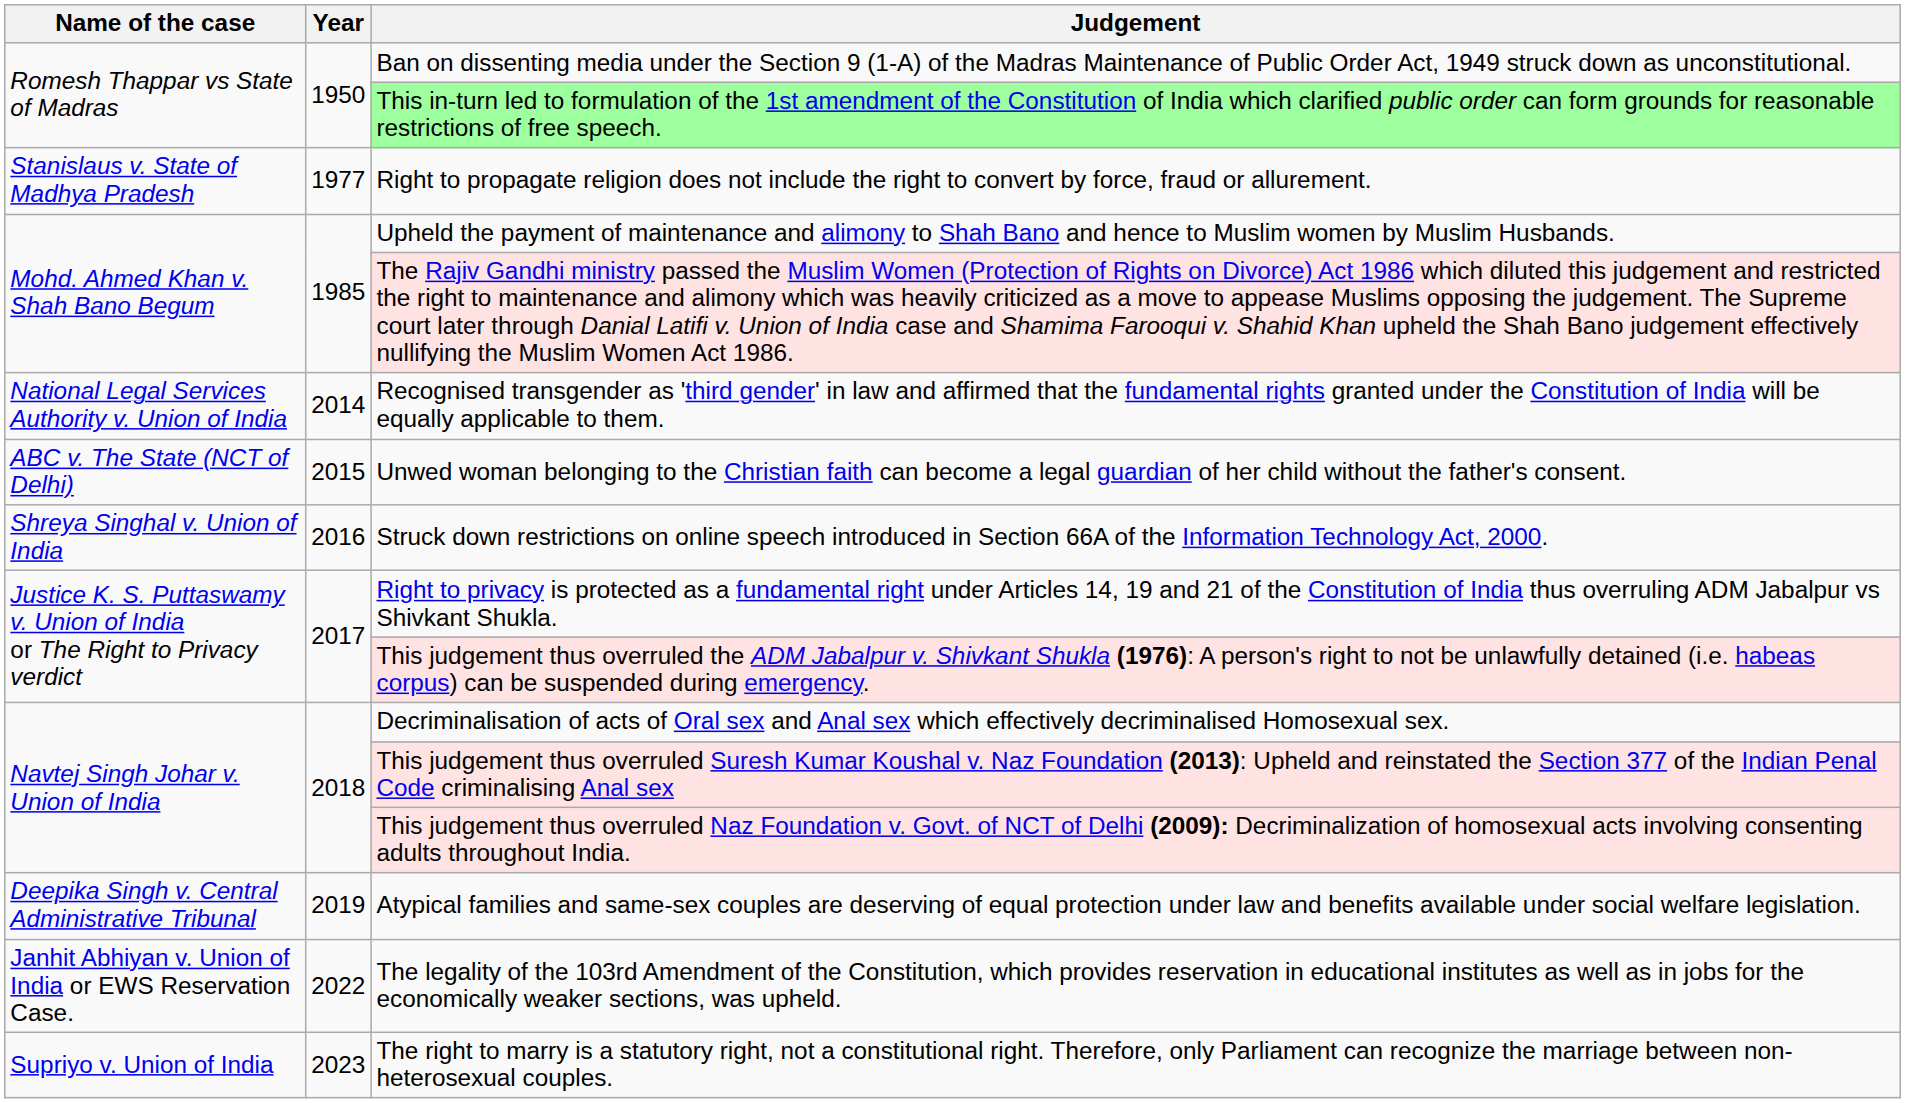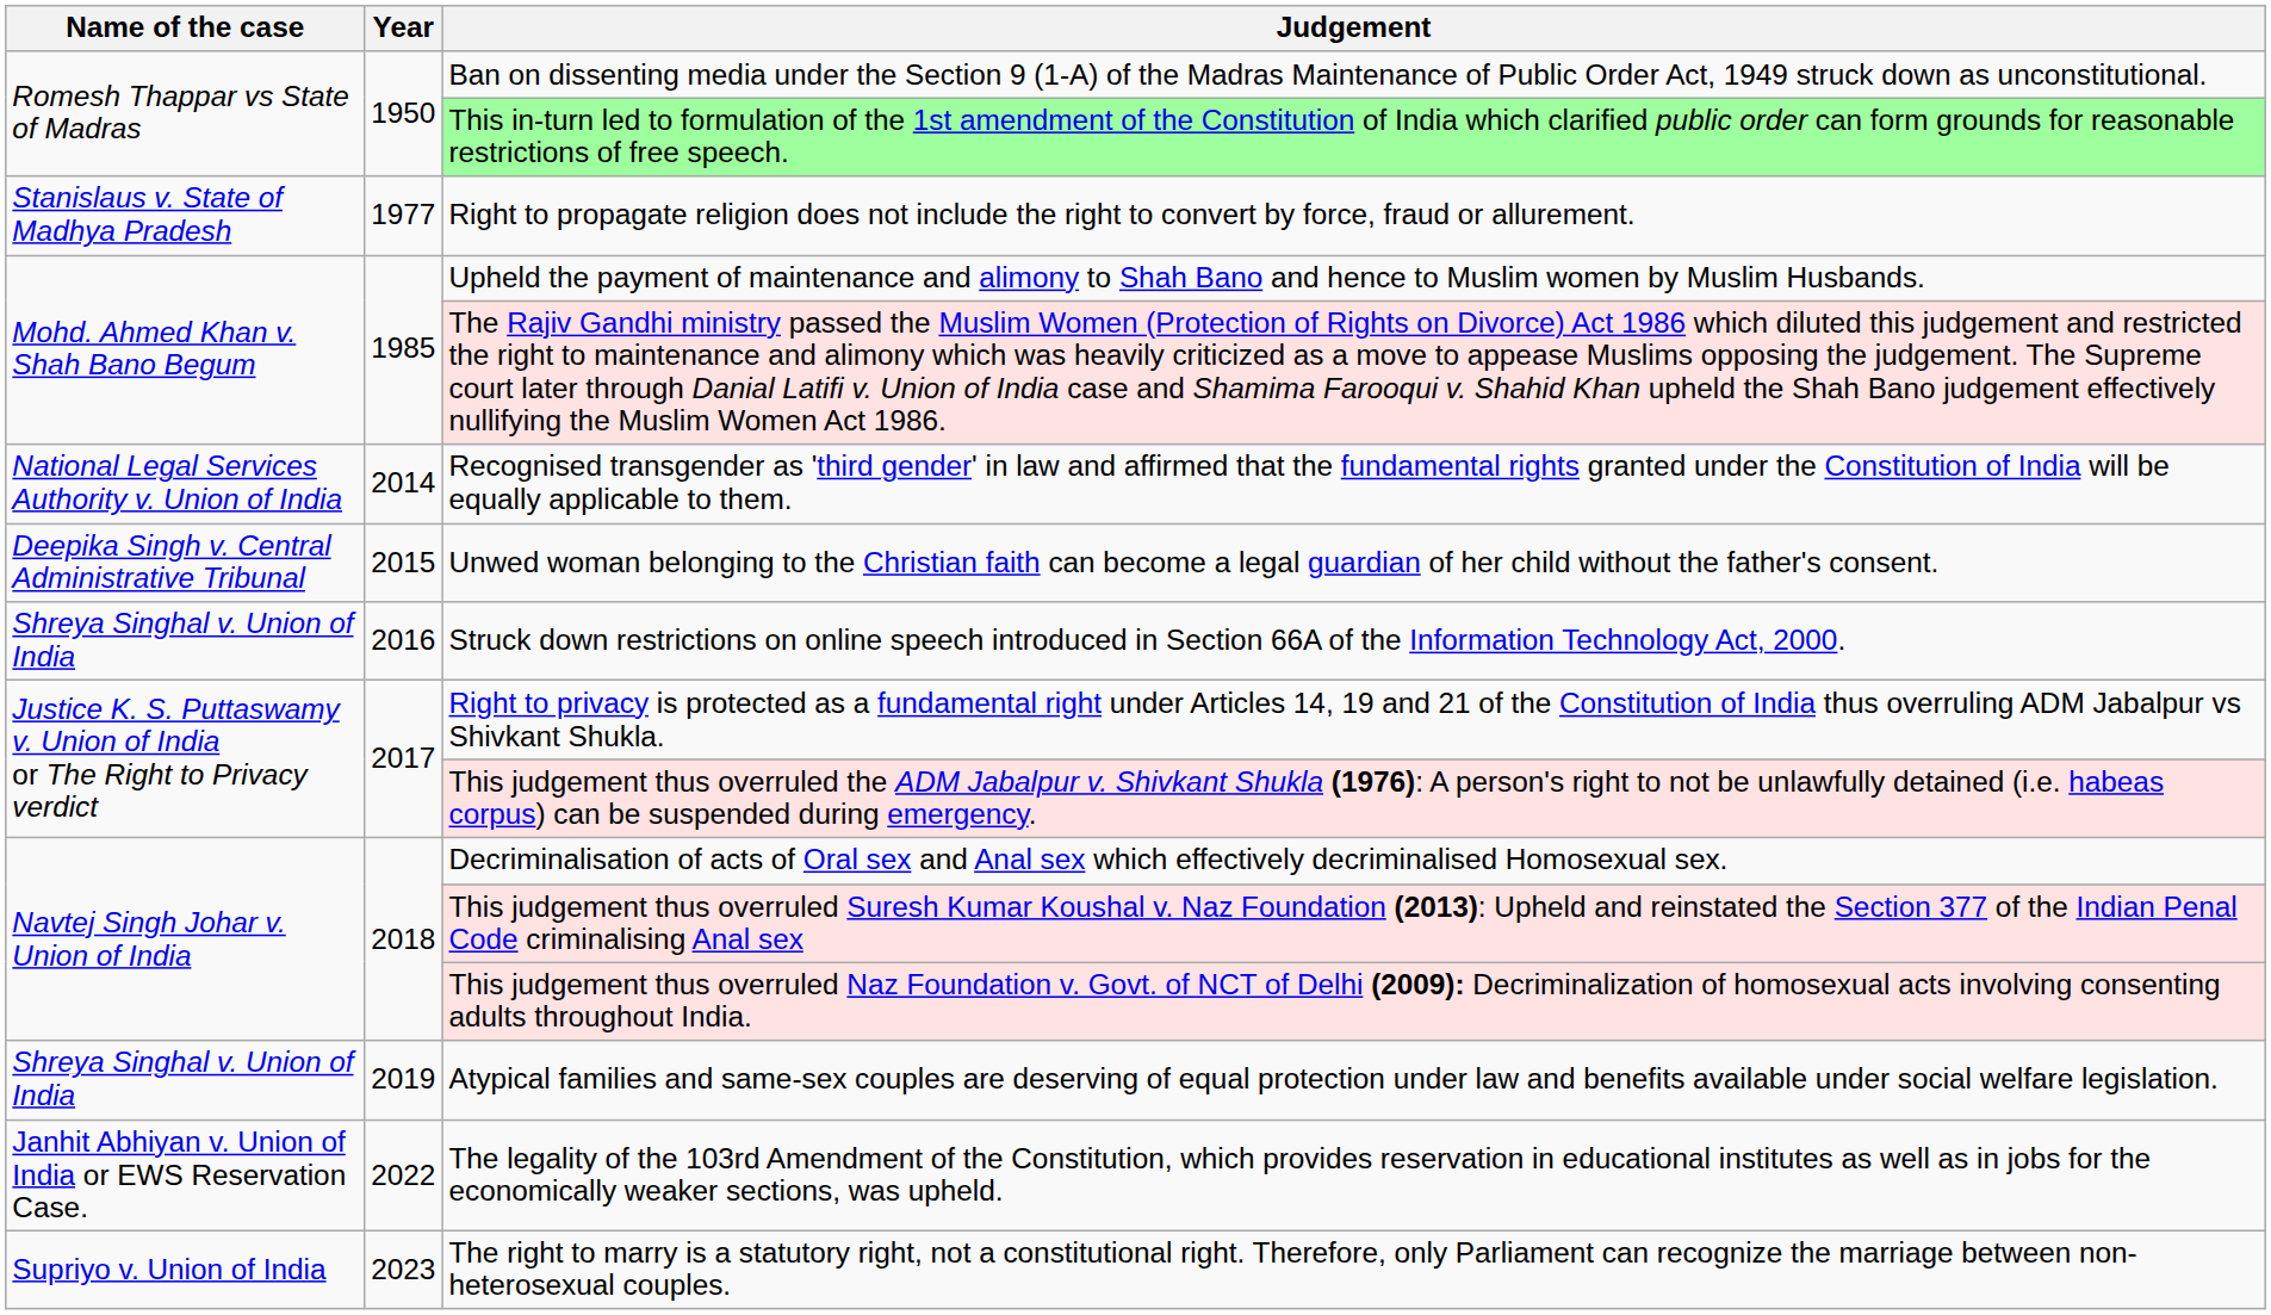 <table class="wikitable">
 <tr>
 <th>Name of the case</th>
 <th>Year</th>
 <th>Judgement</th>
 </tr>
 <tr>
 <td rowspan = 2><em>Romesh Thappar vs State of Madras</em></td>
 <td rowspan = 2>1950</td>
 <td>Ban on dissenting media under the Section 9 (1-A) of the Madras Maintenance of Public Order Act, 1949 struck down as unconstitutional.</td>
 </tr>
 <tr>
 <td style="background-color:#9EFF9E">This in-turn led to formulation of the <a href='#'>1st amendment of the Constitution</a> of India which clarified <em>public order</em> can form grounds for reasonable restrictions of free speech.</td>
 </tr>
 <tr>
 <td><em><a href='#'>Stanislaus v. State of Madhya Pradesh</a></em></td>
 <td>1977</td>
 <td>Right to propagate religion does not include the right to convert by force, fraud or allurement.</td>
 </tr>
 <tr>
 <td rowspan = 2><em><a href='#'>Mohd. Ahmed Khan v. Shah Bano Begum</a></em></td>
 <td rowspan = 2>1985</td>
 <td>Upheld the payment of maintenance and <a href='#'>alimony</a> to <a href='#'>Shah Bano</a> and hence to Muslim women by Muslim Husbands.</td>
 </tr>
 <tr>
 <td style="background-color:#FFE3E3">The <a href='#'>Rajiv Gandhi ministry</a> passed the <a href='#'>Muslim Women (Protection of Rights on Divorce) Act 1986</a> which diluted this judgement and restricted the right to maintenance and alimony which was heavily criticized as a move to appease Muslims opposing the judgement. The Supreme court later through <em>Danial Latifi v. Union of India</em> case and <em>Shamima Farooqui v. Shahid Khan</em> upheld the Shah Bano judgement effectively nullifying the Muslim Women Act 1986.</td>
 </tr>
 <tr>
 <td><em><a href='#'>National Legal Services Authority v. Union of India</a></em></td>
 <td>2014</td>
 <td>Recognised transgender as '<a href='#'>third gender</a>' in law and affirmed that the <a href='#'>fundamental rights</a> granted under the <a href='#'>Constitution of India</a> will be equally applicable to them.</td>
 </tr>
 <tr>
-<td><em><a href='#'>ABC v. The State (NCT of Delhi)</a></em></td>
+<td><em><a href='#'>Deepika Singh v. Central Administrative Tribunal</a></em></td>
 <td>2015</td>
 <td>Unwed woman belonging to the <a href='#'>Christian faith</a> can become a legal <a href='#'>guardian</a> of her child without the father's consent.</td>
 </tr>
 <tr>
 <td><em><a href='#'>Shreya Singhal v. Union of India</a></em></td>
 <td>2016</td>
 <td>Struck down restrictions on online speech introduced in Section 66A of the <a href='#'>Information Technology Act, 2000</a>.</td>
 </tr>
 <tr>
 <td rowspan = 2><a href='#'><em>Justice K. S. Puttaswamy v. Union of India</em></a><br>or <em>The Right to Privacy verdict</em></td>
 <td rowspan = 2>2017</td>
 <td><a href='#'>Right to privacy</a> is protected as a <a href='#'>fundamental right</a> under Articles 14, 19 and 21 of the <a href='#'>Constitution of India</a> thus overruling ADM Jabalpur vs Shivkant Shukla.</td>
 </tr>
 <tr>
 <td style="background-color:#FFE3E3">This judgement thus overruled the <em><a href='#'>ADM Jabalpur v. Shivkant Shukla</a></em> <strong>(1976)</strong>: A person's right to not be unlawfully detained (i.e. <a href='#'>habeas corpus</a>) can be suspended during <a href='#'>emergency</a>.</td>
 </tr>
 <tr>
 <td rowspan = 3><em><a href='#'>Navtej Singh Johar v. Union of India</a></em></td>
 <td rowspan = 3>2018</td>
 <td>Decriminalisation of acts of <a href='#'>Oral sex</a> and <a href='#'>Anal sex</a> which effectively decriminalised Homosexual sex.</td>
 </tr>
 <tr>
 <td style="background-color:#FFE3E3">This judgement thus overruled <a href='#'>Suresh Kumar Koushal v. Naz Foundation</a> <strong>(2013)</strong>: Upheld and reinstated the <a href='#'>Section 377</a> of the <a href='#'>Indian Penal Code</a> criminalising <a href='#'>Anal sex</a></td>
 </tr>
 <tr>
 <td style="background-color:#FFE3E3">This judgement thus overruled <a href='#'>Naz Foundation v. Govt. of NCT of Delhi</a> <strong>(2009):</strong> Decriminalization of homosexual acts involving consenting adults throughout India.</td>
 </tr>
 <tr>
-<td><em><a href='#'>Deepika Singh v. Central Administrative Tribunal</a></em></td>
+<td><em><a href='#'>Shreya Singhal v. Union of India</a></em></td>
 <td>2019</td>
 <td>Atypical families and same-sex couples are deserving of equal protection under law and benefits available under social welfare legislation.</td>
 </tr>
 <tr>
 <td><a href='#'>Janhit Abhiyan v. Union of India</a> or EWS Reservation Case.</td>
 <td>2022</td>
 <td>The legality of the 103rd Amendment of the Constitution, which provides reservation in educational institutes as well as in jobs for the economically weaker sections, was upheld.</td>
 </tr>
 <tr>
 <td><a href='#'>Supriyo v. Union of India</a></td>
 <td>2023</td>
 <td>The right to marry is a statutory right, not a constitutional right. Therefore, only Parliament can recognize the marriage between non-heterosexual couples.</td>
 </tr>
 </table>
